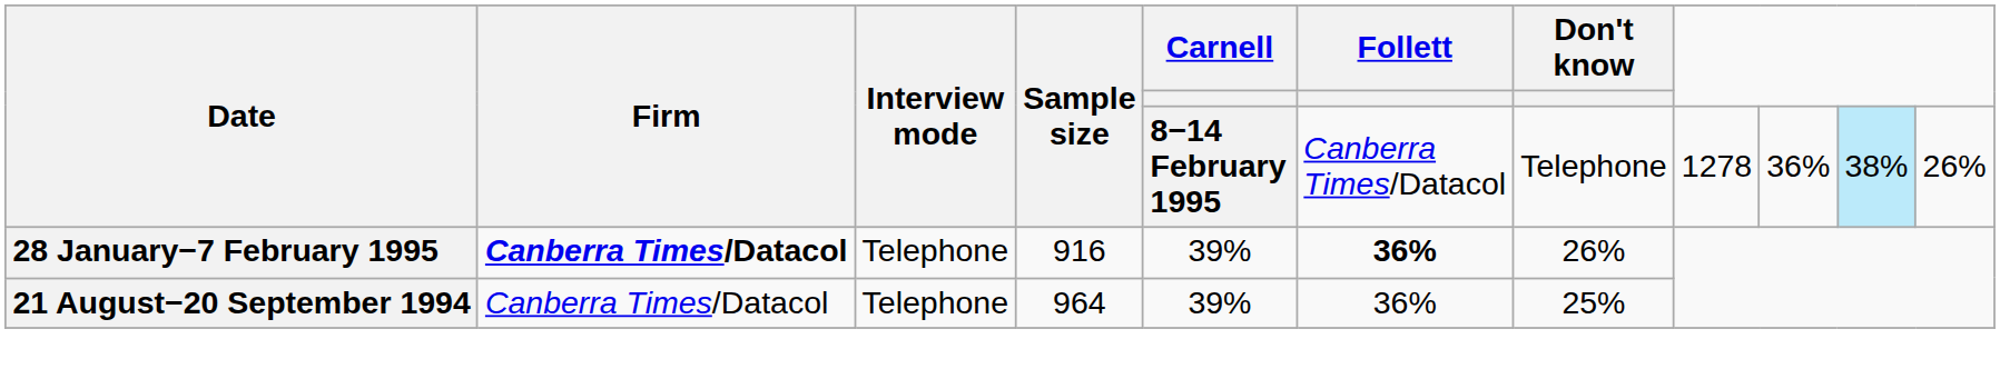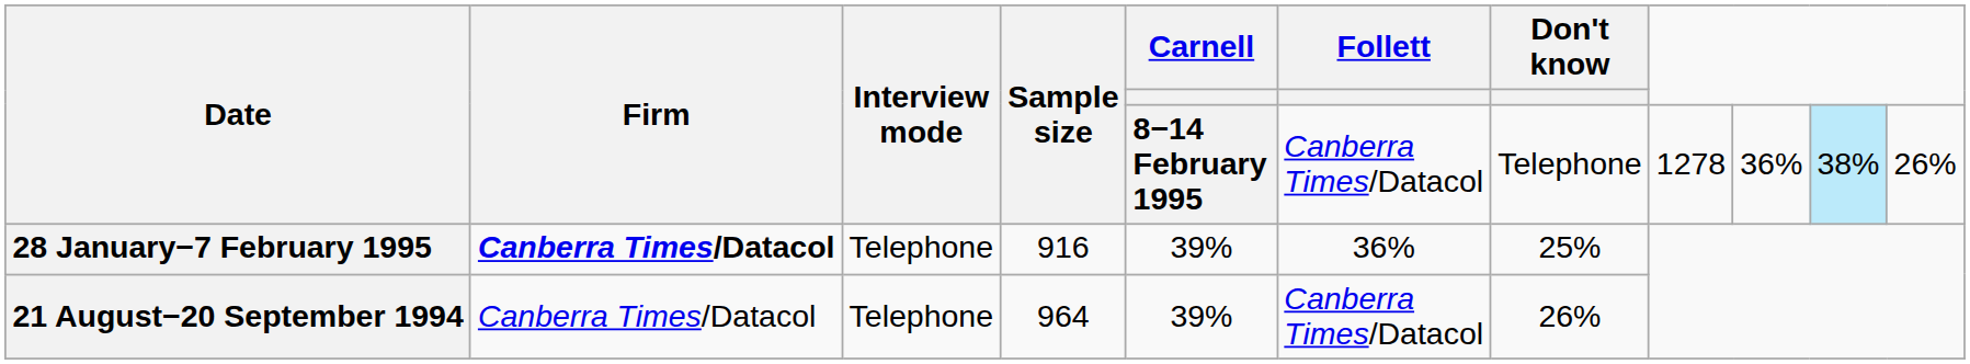 <table class="nowrap wikitable sortable tpl-blanktable" style=text-align:center;font-size:100%>
 <tr>
 <th rowspan=3>Date</th>
 <th rowspan=3>Firm</th>
 <th rowspan=3 class=unsortable>Interview<br>mode</th>
 <th rowspan=3 class=unsortable>Sample<br>size</th>
 <th width=70px><a href='#'>Carnell</a></th>
 <th width=70px><a href='#'>Follett</a></th>
 <th width=70px>Don't<br>know</th>
 </tr>
 <tr>
 <th style="background:"></th>
 <th style="background:"></th>
 <th style="background:"></th>
 </tr>
 <tr>
 <th style=text-align:left>8−14 February 1995</th>
 <td style=text-align:left><em><a href='#'>Canberra Times</a></em>/Datacol</td>
 <td>Telephone</td>
 <td>1278</td>
 <td>36%</td>
 <td style=background:#bbeafa>38%</td>
 <td>26%</td>
 </tr>
 <tr>
 <th style=text-align:left>28 January−7 February 1995</th>
 <td style=text-align:left><strong><em><a href='#'>Canberra Times</a></em>/Datacol</strong></td>
 <td>Telephone</td>
 <td>916</td>
 <td>39%</td>
-<td><strong>36%</strong></td>
-<td>26%</td>
+<td>36%</td>
+<td>25%</td>
 </tr>
 <tr>
 <th style=text-align:left>21 August−20 September 1994</th>
 <td style=text-align:left><em><a href='#'>Canberra Times</a></em>/Datacol</td>
 <td>Telephone</td>
 <td>964</td>
 <td>39%</td>
-<td>36%</td>
-<td>25%</td>
+<td style=text-align:left><em><a href='#'>Canberra Times</a></em>/Datacol</td>
+<td>26%</td>
 </tr>
 </table>
